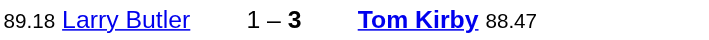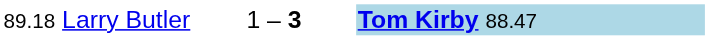 <table style="text-align:center">
 <tr>
 <th width=223></th>
 <th width=100></th>
 <th width=223></th>
 </tr>
 <tr>
 <td align=right><small>89.18</small> <a href='#'>Larry Butler</a> </td>
 <td>1 – <strong>3</strong></td>
-<td align=left> <strong><a href='#'>Tom Kirby</a></strong> <small>88.47</small></td>
+<td align=left style="background: lightblue;"> <strong><a href='#'>Tom Kirby</a></strong> <small>88.47</small></td>
 </tr>
 </table>
